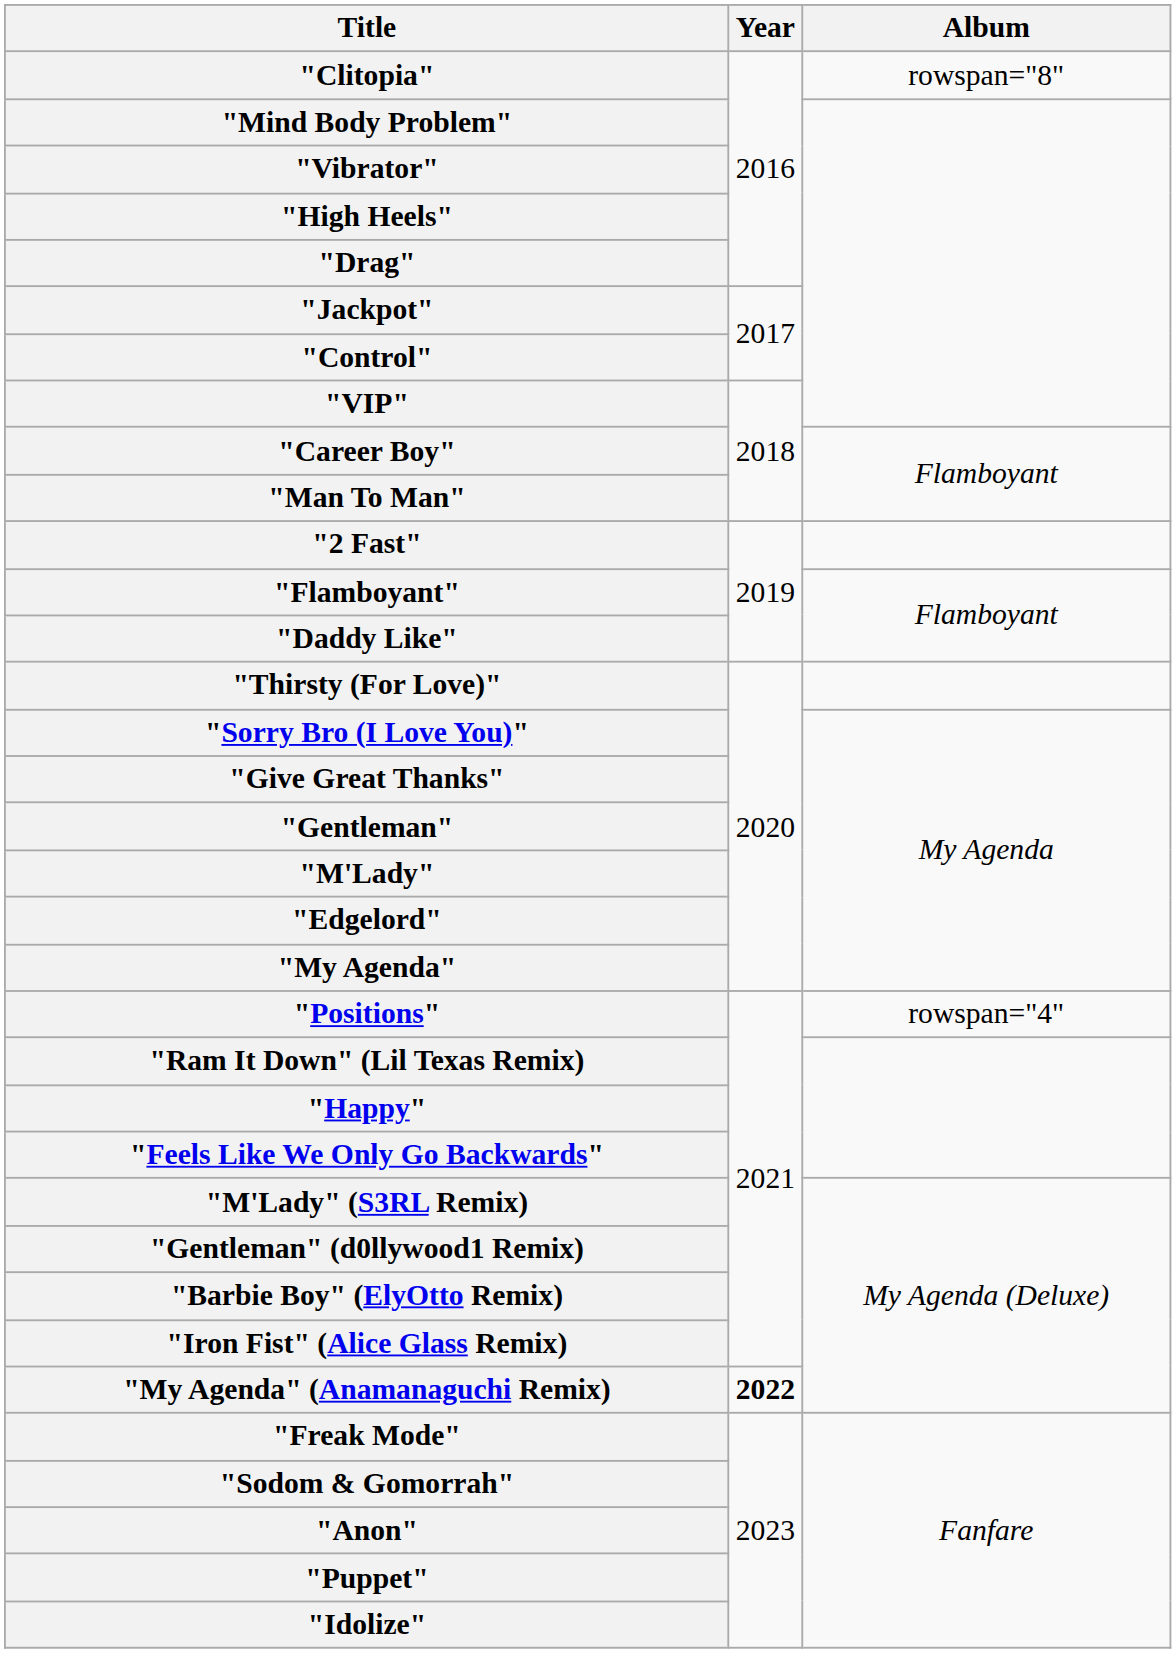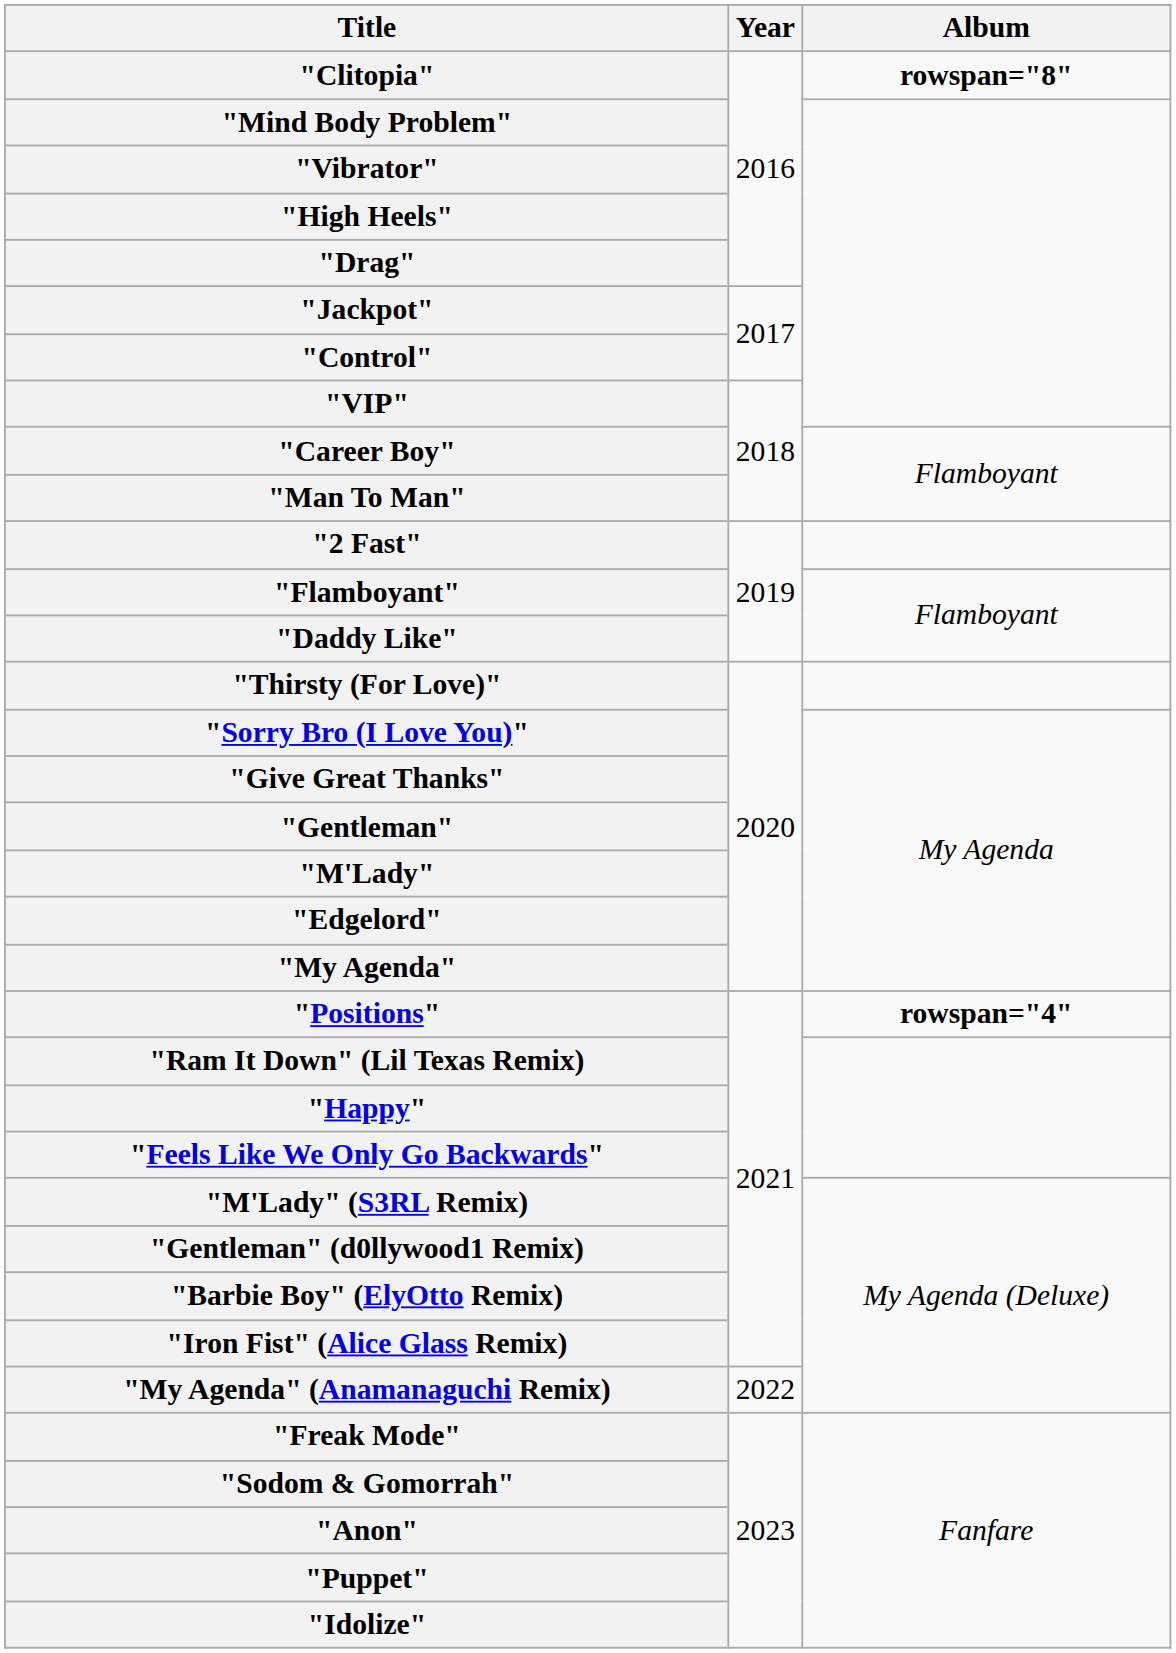 <table class="wikitable plainrowheaders" style="text-align:center;">
 <tr>
 <th scope="col" style="width:24em;">Title</th>
 <th scope="col" style="width:1em;">Year</th>
 <th scope="col" style="width:12em;">Album</th>
 </tr>
 <tr>
 <th scope="row">"Clitopia"</th>
 <td rowspan="5">2016</td>
-<td>rowspan="8" </td>
+<td><strong>rowspan="8" </strong></td>
 </tr>
 <tr>
 <th scope="row">"Mind Body Problem"</th>
 </tr>
 <tr>
 <th scope="row">"Vibrator"</th>
 </tr>
 <tr>
 <th scope="row">"High Heels"</th>
 </tr>
 <tr>
 <th scope="row">"Drag"<br></th>
 </tr>
 <tr>
 <th scope="row">"Jackpot"</th>
 <td rowspan="2">2017</td>
 </tr>
 <tr>
 <th scope="row">"Control"<br></th>
 </tr>
 <tr>
 <th scope="row">"VIP"<br></th>
 <td rowspan="3">2018</td>
 </tr>
 <tr>
 <th scope="row">"Career Boy"</th>
 <td rowspan="2"><em>Flamboyant</em></td>
 </tr>
 <tr>
 <th scope="row">"Man To Man"</th>
 </tr>
 <tr>
 <th scope="row">"2 Fast"</th>
 <td rowspan="3">2019</td>
 <td></td>
 </tr>
 <tr>
 <th scope="row">"Flamboyant"</th>
 <td rowspan="2"><em>Flamboyant</em></td>
 </tr>
 <tr>
 <th scope="row">"Daddy Like"</th>
 </tr>
 <tr>
 <th scope="row">"Thirsty (For Love)"</th>
 <td rowspan="7">2020</td>
 <td></td>
 </tr>
 <tr>
 <th scope="row">"<a href='#'>Sorry Bro (I Love You)</a>"</th>
 <td rowspan="6"><em>My Agenda</em></td>
 </tr>
 <tr>
 <th scope="row">"Give Great Thanks"</th>
 </tr>
 <tr>
 <th scope="row">"Gentleman"</th>
 </tr>
 <tr>
 <th scope="row">"M'Lady"</th>
 </tr>
 <tr>
 <th scope="row">"Edgelord"<br></th>
 </tr>
 <tr>
 <th scope="row">"My Agenda"<br></th>
 </tr>
 <tr>
 <th scope="row">"<a href='#'>Positions</a>"</th>
 <td rowspan="8">2021</td>
-<td>rowspan="4" </td>
+<td><strong>rowspan="4" </strong></td>
 </tr>
 <tr>
 <th scope="row">"Ram It Down" (Lil Texas Remix)<br></th>
 </tr>
 <tr>
 <th scope="row">"<a href='#'>Happy</a>"<br></th>
 </tr>
 <tr>
 <th scope="row">"<a href='#'>Feels Like We Only Go Backwards</a>"</th>
 </tr>
 <tr>
 <th scope="row">"M'Lady" (<a href='#'>S3RL</a> Remix)<br></th>
 <td rowspan="5"><em>My Agenda (Deluxe)</em></td>
 </tr>
 <tr>
 <th scope="row">"Gentleman" (d0llywood1 Remix)<br></th>
 </tr>
 <tr>
 <th scope="row">"Barbie Boy" (<a href='#'>ElyOtto</a> Remix)</th>
 </tr>
 <tr>
 <th scope="row">"Iron Fist" (<a href='#'>Alice Glass</a> Remix)<br></th>
 </tr>
 <tr>
 <th scope="row">"My Agenda" (<a href='#'>Anamanaguchi</a> Remix)<br></th>
-<td><strong>2022</strong></td>
+<td>2022</td>
 </tr>
 <tr>
 <th scope="row">"Freak Mode"</th>
 <td rowspan="5">2023</td>
 <td rowspan="5"><em>Fanfare</em></td>
 </tr>
 <tr>
 <th scope="row">"Sodom & Gomorrah"</th>
 </tr>
 <tr>
 <th scope="row">"Anon"</th>
 </tr>
 <tr>
 <th scope="row">"Puppet"</th>
 </tr>
 <tr>
 <th scope="row">"Idolize"</th>
 </tr>
 </table>
